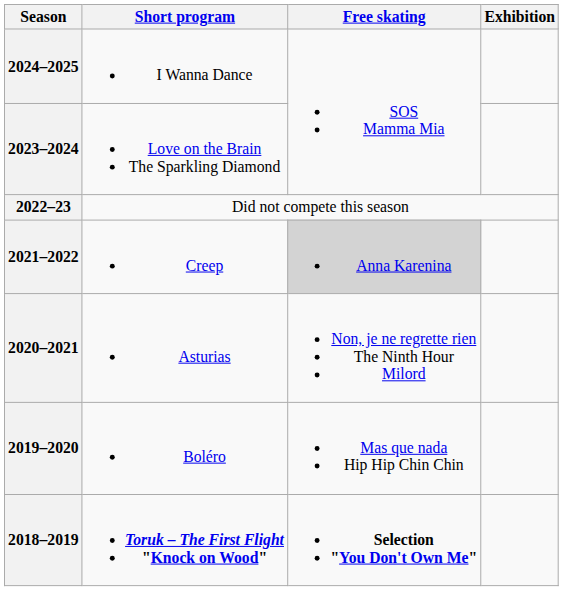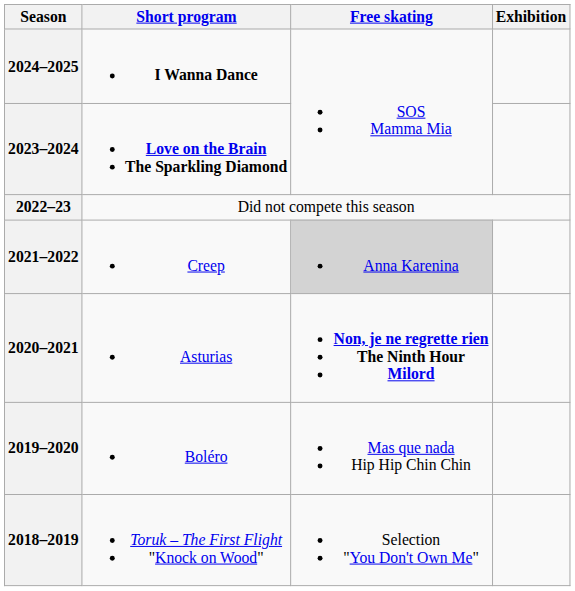 <table class="wikitable" style="text-align:center">
 <tr>
 <th>Season</th>
 <th><a href='#'>Short program</a></th>
 <th><a href='#'>Free skating</a></th>
 <th>Exhibition</th>
 </tr>
 <tr>
 <th>2024–2025 <br> </th>
-<td><br><ul><li>I Wanna Dance <br> </li></ul></td>
+<td><strong><br><ul><li>I Wanna Dance <br> </li></ul></strong></td>
 <td rowspan=2><br><ul><li><a href='#'>SOS</a> <br> </li><li><a href='#'>Mamma Mia</a> <br></li></ul></td>
 <td></td>
 </tr>
 <tr>
 <th>2023–2024 <br> </th>
-<td><br><ul><li><a href='#'>Love on the Brain</a> <br> </li><li>The Sparkling Diamond <br></li></ul></td>
+<td><strong><br><ul><li><a href='#'>Love on the Brain</a> <br> </li><li>The Sparkling Diamond <br></li></ul></strong></td>
 <td></td>
 </tr>
 <tr>
 <th scope="row">2022–23</th>
 <td colspan=3>Did not compete this season</td>
 </tr>
 <tr>
 <th>2021–2022</th>
 <td><br><ul><li><a href='#'>Creep</a> <br> </li></ul></td>
 <td style="background: lightgrey;"><br><ul><li><a href='#'>Anna Karenina</a> <br> </li></ul></td>
 <td></td>
 </tr>
 <tr>
 <th>2020–2021 <br> </th>
 <td><br><ul><li><a href='#'>Asturias</a> <br> </li></ul></td>
-<td><br><ul><li><a href='#'>Non, je ne regrette rien</a> <br> </li><li>The Ninth Hour <br> </li><li><a href='#'>Milord</a> <br> </li></ul></td>
+<td><strong><br><ul><li><a href='#'>Non, je ne regrette rien</a> <br> </li><li>The Ninth Hour <br> </li><li><a href='#'>Milord</a> <br> </li></ul></strong></td>
 <td></td>
 </tr>
 <tr>
 <th>2019–2020 <br> </th>
 <td><br><ul><li><a href='#'>Boléro</a> <br> </li></ul></td>
 <td><br><ul><li><a href='#'>Mas que nada</a> <br> </li><li>Hip Hip Chin Chin <br> </li></ul></td>
 <td></td>
 </tr>
 <tr>
 <th>2018–2019 <br> </th>
-<td><strong><br><ul><li><em><a href='#'>Toruk – The First Flight</a></em><br></li><li>"<a href='#'>Knock on Wood</a>"<br></li></ul></strong></td>
-<td><strong><br><ul><li>Selection<br></li><li>"<a href='#'>You Don't Own Me</a>"<br></li></ul></strong></td>
+<td><br><ul><li><em><a href='#'>Toruk – The First Flight</a></em><br></li><li>"<a href='#'>Knock on Wood</a>"<br></li></ul></td>
+<td><br><ul><li>Selection<br></li><li>"<a href='#'>You Don't Own Me</a>"<br></li></ul></td>
 <td></td>
 </tr>
 </table>
